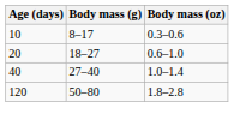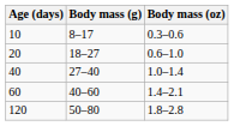 <table class="wikitable" style="align: right; float: right; margin-left: 0.5em">
 <tr>
 <th>Age (days)</th>
 <th>Body mass (g)</th>
 <th>Body mass (oz)</th>
 </tr>
 <tr>
 <td>10</td>
 <td>8–17</td>
 <td>0.3–0.6</td>
 </tr>
 <tr>
 <td>20</td>
 <td>18–27</td>
 <td>0.6–1.0</td>
 </tr>
 <tr>
 <td>40</td>
 <td>27–40</td>
 <td>1.0–1.4</td>
 </tr>
 <tr>
+<td>60</td>
+<td>40–60</td>
+<td>1.4–2.1</td>
+</tr>
+<tr>
 <td>120</td>
 <td>50–80</td>
 <td>1.8–2.8</td>
 </tr>
 </table>
